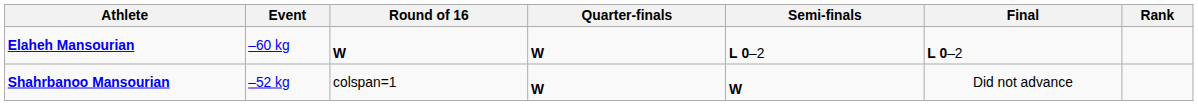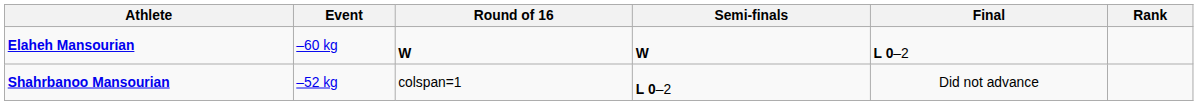 <table class="wikitable" width="98%" style="text-align:left; font-size:90%">
 <tr>
 <th width="17%">Athlete</th>
 <th width="6%">Event</th>
 <th width="14%">Round of 16</th>
-<th width="14%">Quarter-finals</th>
 <th width="14%">Semi-finals</th>
 <th width="14%">Final</th>
 <th width="5%">Rank</th>
 </tr>
 <tr>
 <td><strong><a href='#'>Elaheh Mansourian</a></strong></td>
 <td><a href='#'>–60 kg</a></td>
 <td><br><strong>W</strong> </td>
 <td><br><strong>W</strong> </td>
 <td><br><strong>L</strong> <strong>0</strong>–2</td>
-<td><br><strong>L</strong> <strong>0</strong>–2</td>
 <td align=center></td>
 </tr>
 <tr>
 <td><strong><a href='#'>Shahrbanoo Mansourian</a></strong></td>
 <td><a href='#'>–52 kg</a></td>
 <td>colspan=1 </td>
-<td><br><strong>W</strong> </td>
-<td><br><strong>W</strong> </td>
+<td><br><strong>L</strong> <strong>0</strong>–2</td>
 <td align=center>Did not advance</td>
 <td align=center></td>
 </tr>
 </table>
